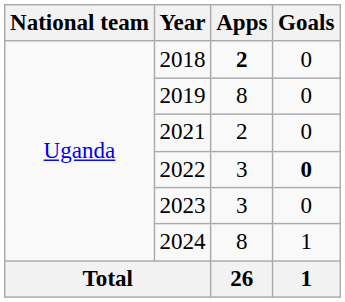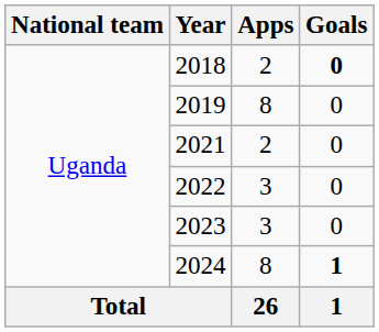 <table class=wikitable style=text-align:center>
 <tr>
 <th>National team</th>
 <th>Year</th>
 <th>Apps</th>
 <th>Goals</th>
 </tr>
 <tr>
 <td rowspan=6><a href='#'>Uganda</a></td>
 <td>2018</td>
-<td><strong>2</strong></td>
-<td>0</td>
+<td>2</td>
+<td><strong>0</strong></td>
 </tr>
 <tr>
 <td>2019</td>
 <td>8</td>
 <td>0</td>
 </tr>
 <tr>
 <td>2021</td>
 <td>2</td>
 <td>0</td>
 </tr>
 <tr>
 <td>2022</td>
 <td>3</td>
-<td><strong>0</strong></td>
+<td>0</td>
 </tr>
 <tr>
 <td>2023</td>
 <td>3</td>
 <td>0</td>
 </tr>
 <tr>
 <td>2024</td>
 <td>8</td>
-<td>1</td>
+<td><strong>1</strong></td>
 </tr>
 <tr>
 <th colspan=2>Total</th>
 <th>26</th>
 <th>1</th>
 </tr>
 </table>
